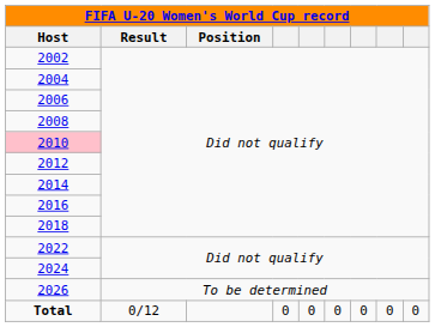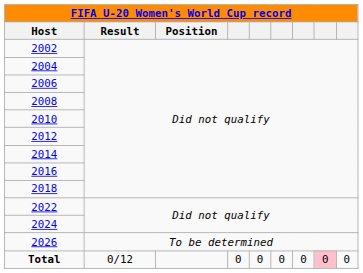 <table class="wikitable collapsible" style="text-align: center;">
 <tr>
 <th colspan=9 style="background: #FF8C00; color: #0000FF;"><a href='#'>FIFA U-20 Women's World Cup record</a></th>
 </tr>
 <tr>
 <th width="90">Host</th>
 <th width="80">Result</th>
 <th width="80">Position</th>
 <th width="20"></th>
 <th width="20"></th>
 <th width="20"></th>
 <th width="20"></th>
 <th width="20"></th>
 <th width="20"></th>
 </tr>
 <tr>
 <td> <a href='#'>2002</a></td>
 <td rowspan=9 colspan=9><em>Did not qualify</em></td>
 </tr>
 <tr>
 <td> <a href='#'>2004</a></td>
 </tr>
 <tr>
 <td> <a href='#'>2006</a></td>
 </tr>
 <tr>
 <td> <a href='#'>2008</a></td>
 </tr>
 <tr>
-<td style="background: pink;"> <a href='#'>2010</a></td>
+<td> <a href='#'>2010</a></td>
 </tr>
 <tr>
 <td> <a href='#'>2012</a></td>
 </tr>
 <tr>
 <td> <a href='#'>2014</a></td>
 </tr>
 <tr>
 <td> <a href='#'>2016</a></td>
 </tr>
 <tr>
 <td> <a href='#'>2018</a></td>
 </tr>
 <tr>
 <td> <a href='#'>2022</a></td>
 <td rowspan=2 colspan=10><em>Did not qualify</em></td>
 </tr>
 <tr>
 <td> <a href='#'>2024</a></td>
 </tr>
 <tr>
 <td> <a href='#'>2026</a></td>
 <td colspan=10><em>To be determined</em></td>
 </tr>
 <tr>
 <td><strong>Total</strong></td>
 <td>0/12</td>
 <td></td>
 <td>0</td>
 <td>0</td>
 <td>0</td>
 <td>0</td>
-<td>0</td>
+<td style="background: pink;">0</td>
 <td>0</td>
 </tr>
 </table>
